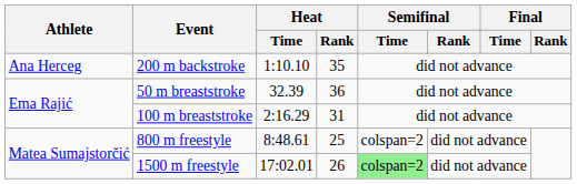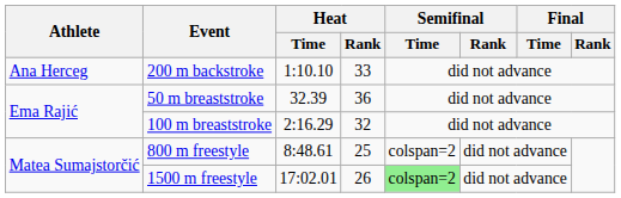 <table class="wikitable" style="text-align:center; font-size:90%">
 <tr>
 <th rowspan="2">Athlete</th>
 <th rowspan="2">Event</th>
 <th colspan="2">Heat</th>
 <th colspan="2">Semifinal</th>
 <th colspan="2">Final</th>
 </tr>
 <tr style="font-size:95%">
 <th>Time</th>
 <th>Rank</th>
 <th>Time</th>
 <th>Rank</th>
 <th>Time</th>
 <th>Rank</th>
 </tr>
 <tr>
 <td align=left><a href='#'>Ana Herceg</a></td>
 <td align=left><a href='#'>200 m backstroke</a></td>
 <td>1:10.10</td>
-<td>35</td>
+<td>33</td>
 <td colspan=4>did not advance</td>
 </tr>
 <tr>
 <td align=left rowspan=2><a href='#'>Ema Rajić</a></td>
 <td align=left><a href='#'>50 m breaststroke</a></td>
 <td>32.39</td>
 <td>36</td>
 <td colspan=4>did not advance</td>
 </tr>
 <tr>
 <td align=left><a href='#'>100 m breaststroke</a></td>
 <td>2:16.29</td>
-<td>31</td>
+<td>32</td>
 <td colspan=4>did not advance</td>
 </tr>
 <tr>
 <td align=left rowspan=2><a href='#'>Matea Sumajstorčić</a></td>
 <td align=left><a href='#'>800 m freestyle</a></td>
 <td>8:48.61</td>
 <td>25</td>
 <td>colspan=2 </td>
 <td colspan=2>did not advance</td>
 </tr>
 <tr>
 <td align=left><a href='#'>1500 m freestyle</a></td>
 <td>17:02.01</td>
 <td>26</td>
 <td style="background: lightgreen;">colspan=2 </td>
 <td colspan=2>did not advance</td>
 </tr>
 </table>
